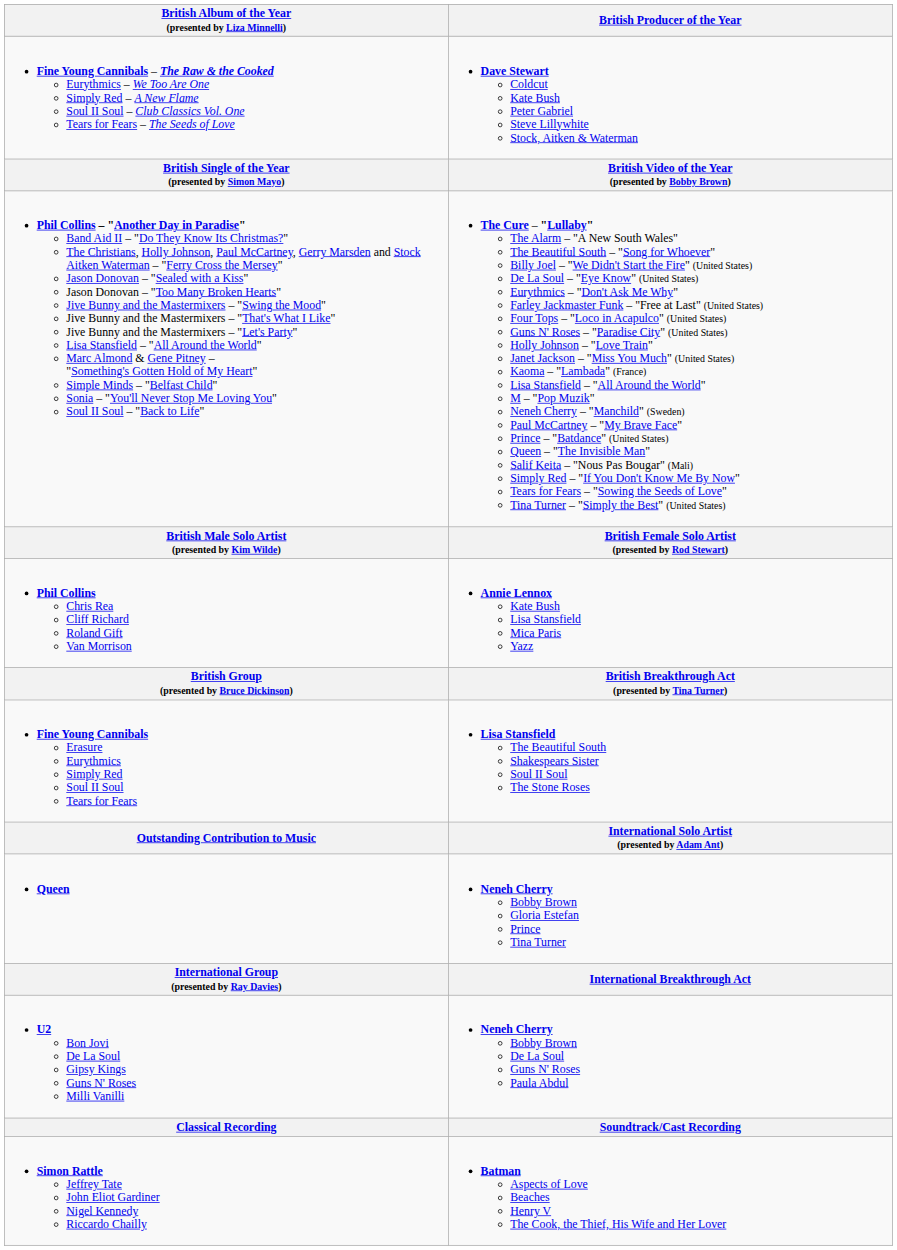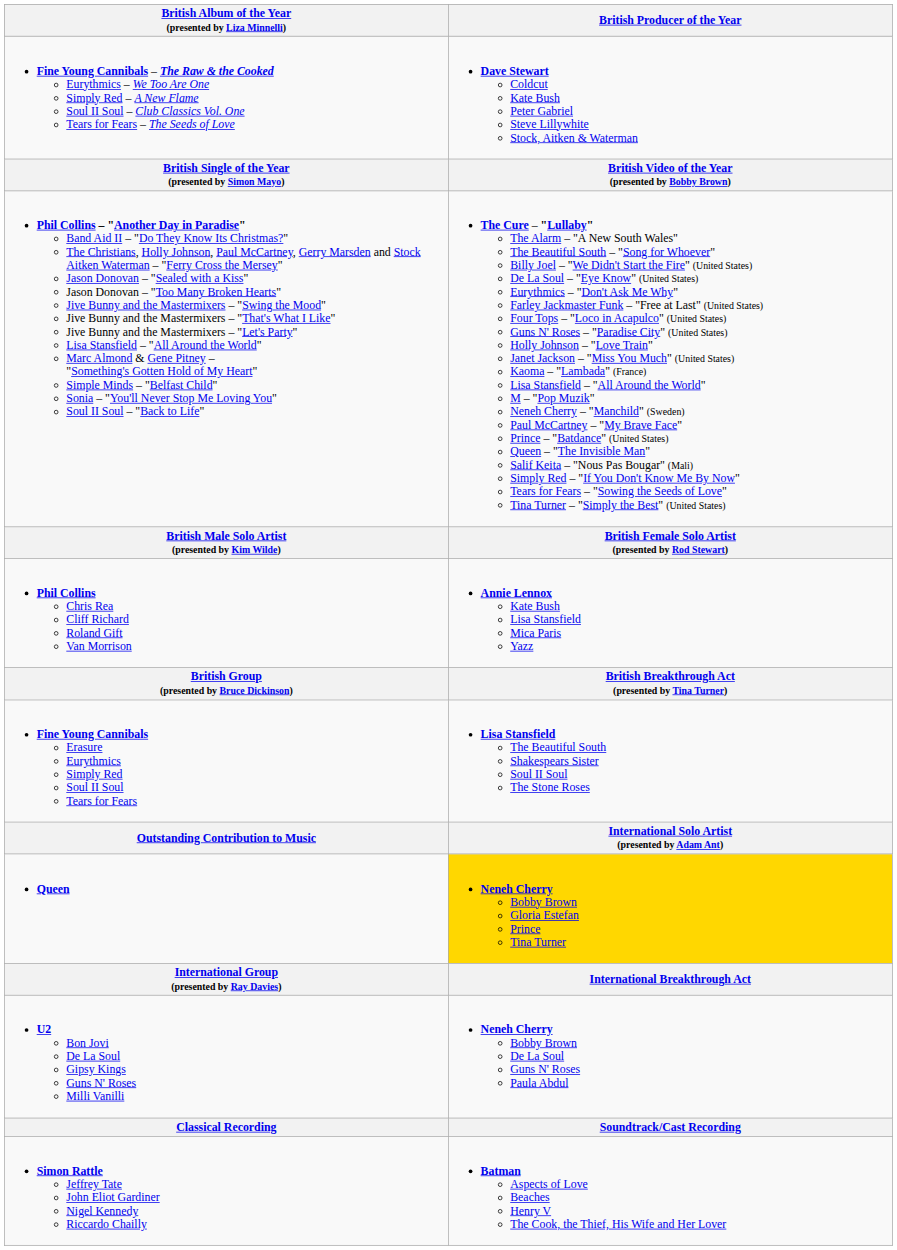 <table class="wikitable" style="width:95%">
 <tr bgcolor="#bebebe">
 <th width="50%"><a href='#'>British Album of the Year</a><br><small>(presented by <a href='#'>Liza Minnelli</a>)</small></th>
 <th width="50%"><a href='#'>British Producer of the Year</a></th>
 </tr>
 <tr>
 <td valign="top"><br><ul><li><strong><a href='#'>Fine Young Cannibals</a></strong> – <strong><em><a href='#'>The Raw & the Cooked</a></em></strong><ul><li><a href='#'>Eurythmics</a> – <em><a href='#'>We Too Are One</a></em></li><li><a href='#'>Simply Red</a> – <em><a href='#'>A New Flame</a></em></li><li><a href='#'>Soul II Soul</a> – <em><a href='#'>Club Classics Vol. One</a></em></li><li><a href='#'>Tears for Fears</a> – <em><a href='#'>The Seeds of Love</a></em></li></ul></li></ul></td>
 <td valign="top"><br><ul><li><strong><a href='#'>Dave Stewart</a></strong><ul><li><a href='#'>Coldcut</a></li><li><a href='#'>Kate Bush</a></li><li><a href='#'>Peter Gabriel</a></li><li><a href='#'>Steve Lillywhite</a></li><li><a href='#'>Stock, Aitken & Waterman</a></li></ul></li></ul></td>
 </tr>
 <tr>
 <th width="50%"><a href='#'>British Single of the Year</a><br><small>(presented by <a href='#'>Simon Mayo</a>)</small></th>
 <th width="50%"><a href='#'>British Video of the Year</a><br><small>(presented by <a href='#'>Bobby Brown</a>)</small></th>
 </tr>
 <tr>
 <td valign="top"><br><ul><li><strong><a href='#'>Phil Collins</a> – "<a href='#'>Another Day in Paradise</a>"</strong><ul><li><a href='#'>Band Aid II</a> – "<a href='#'>Do They Know Its Christmas?</a>"</li><li><a href='#'>The Christians</a>, <a href='#'>Holly Johnson</a>, <a href='#'>Paul McCartney</a>, <a href='#'>Gerry Marsden</a> and <a href='#'>Stock Aitken Waterman</a> – "<a href='#'>Ferry Cross the Mersey</a>"</li><li><a href='#'>Jason Donovan</a> – "<a href='#'>Sealed with a Kiss</a>"</li><li>Jason Donovan – "<a href='#'>Too Many Broken Hearts</a>"</li><li><a href='#'>Jive Bunny and the Mastermixers</a> – "<a href='#'>Swing the Mood</a>"</li><li>Jive Bunny and the Mastermixers – "<a href='#'>That's What I Like</a>"</li><li>Jive Bunny and the Mastermixers – "<a href='#'>Let's Party</a>"</li><li><a href='#'>Lisa Stansfield</a> – "<a href='#'>All Around the World</a>"</li><li><a href='#'>Marc Almond</a> & <a href='#'>Gene Pitney</a> –<br>"<a href='#'>Something's Gotten Hold of My Heart</a>"</li><li><a href='#'>Simple Minds</a> – "<a href='#'>Belfast Child</a>"</li><li><a href='#'>Sonia</a> – "<a href='#'>You'll Never Stop Me Loving You</a>"</li><li><a href='#'>Soul II Soul</a> – "<a href='#'>Back to Life</a>"</li></ul></li></ul></td>
 <td valign="top"><br><ul><li><strong><a href='#'>The Cure</a></strong> – <strong>"<a href='#'>Lullaby</a>"</strong><ul><li><a href='#'>The Alarm</a> – "A New South Wales"</li><li><a href='#'>The Beautiful South</a> – "<a href='#'>Song for Whoever</a>"</li><li><a href='#'>Billy Joel</a> – "<a href='#'>We Didn't Start the Fire</a>" <small>(United States)</small></li><li><a href='#'>De La Soul</a> – "<a href='#'>Eye Know</a>" <small>(United States)</small></li><li><a href='#'>Eurythmics</a> – "<a href='#'>Don't Ask Me Why</a>"</li><li><a href='#'>Farley Jackmaster Funk</a> – "Free at Last" <small>(United States)</small></li><li><a href='#'>Four Tops</a> – "<a href='#'>Loco in Acapulco</a>" <small>(United States)</small></li><li><a href='#'>Guns N' Roses</a> – "<a href='#'>Paradise City</a>" <small>(United States)</small></li><li><a href='#'>Holly Johnson</a> – "<a href='#'>Love Train</a>"</li><li><a href='#'>Janet Jackson</a> – "<a href='#'>Miss You Much</a>" <small>(United States)</small></li><li><a href='#'>Kaoma</a> – "<a href='#'>Lambada</a>" <small>(France)</small></li><li><a href='#'>Lisa Stansfield</a> – "<a href='#'>All Around the World</a>"</li><li><a href='#'>M</a> – "<a href='#'>Pop Muzik</a>"</li><li><a href='#'>Neneh Cherry</a> – "<a href='#'>Manchild</a>" <small>(Sweden)</small></li><li><a href='#'>Paul McCartney</a> – "<a href='#'>My Brave Face</a>"</li><li><a href='#'>Prince</a> – "<a href='#'>Batdance</a>" <small>(United States)</small></li><li><a href='#'>Queen</a> – "<a href='#'>The Invisible Man</a>"</li><li><a href='#'>Salif Keita</a> – "Nous Pas Bougar" <small>(Mali)</small></li><li><a href='#'>Simply Red</a> – "<a href='#'>If You Don't Know Me By Now</a>"</li><li><a href='#'>Tears for Fears</a> – "<a href='#'>Sowing the Seeds of Love</a>"</li><li><a href='#'>Tina Turner</a> – "<a href='#'>Simply the Best</a>" <small>(United States)</small></li></ul></li></ul></td>
 </tr>
 <tr>
 <th width="50%"><a href='#'>British Male Solo Artist</a><br><small>(presented by <a href='#'>Kim Wilde</a>)</small></th>
 <th width="50%"><a href='#'>British Female Solo Artist</a><br><small>(presented by <a href='#'>Rod Stewart</a>)</small></th>
 </tr>
 <tr>
 <td valign="top"><br><ul><li><strong><a href='#'>Phil Collins</a></strong><ul><li><a href='#'>Chris Rea</a></li><li><a href='#'>Cliff Richard</a></li><li><a href='#'>Roland Gift</a></li><li><a href='#'>Van Morrison</a></li></ul></li></ul></td>
 <td valign=top><br><ul><li><strong><a href='#'>Annie Lennox</a></strong><ul><li><a href='#'>Kate Bush</a></li><li><a href='#'>Lisa Stansfield</a></li><li><a href='#'>Mica Paris</a></li><li><a href='#'>Yazz</a></li></ul></li></ul></td>
 </tr>
 <tr>
 <th width="50%"><a href='#'>British Group</a><br><small>(presented by <a href='#'>Bruce Dickinson</a>)</small></th>
 <th width="50%"><a href='#'>British Breakthrough Act</a><br><small>(presented by <a href='#'>Tina Turner</a>)</small></th>
 </tr>
 <tr>
 <td valign=top><br><ul><li><strong><a href='#'>Fine Young Cannibals</a></strong><ul><li><a href='#'>Erasure</a></li><li><a href='#'>Eurythmics</a></li><li><a href='#'>Simply Red</a></li><li><a href='#'>Soul II Soul</a></li><li><a href='#'>Tears for Fears</a></li></ul></li></ul></td>
 <td valign=top><br><ul><li><strong><a href='#'>Lisa Stansfield</a></strong><ul><li><a href='#'>The Beautiful South</a></li><li><a href='#'>Shakespears Sister</a></li><li><a href='#'>Soul II Soul</a></li><li><a href='#'>The Stone Roses</a></li></ul></li></ul></td>
 </tr>
 <tr>
 <th width="50%"><a href='#'>Outstanding Contribution to Music</a></th>
 <th width="50%"><a href='#'>International Solo Artist</a><br><small>(presented by <a href='#'>Adam Ant</a>)</small></th>
 </tr>
 <tr>
 <td valign=top><br><ul><li><strong><a href='#'>Queen</a></strong></li></ul></td>
-<td valign=top><br><ul><li><strong><a href='#'>Neneh Cherry</a></strong><ul><li><a href='#'>Bobby Brown</a></li><li><a href='#'>Gloria Estefan</a></li><li><a href='#'>Prince</a></li><li><a href='#'>Tina Turner</a></li></ul></li></ul></td>
+<td valign=top style="background: gold;"><br><ul><li><strong><a href='#'>Neneh Cherry</a></strong><ul><li><a href='#'>Bobby Brown</a></li><li><a href='#'>Gloria Estefan</a></li><li><a href='#'>Prince</a></li><li><a href='#'>Tina Turner</a></li></ul></li></ul></td>
 </tr>
 <tr>
 <th width="50%"><a href='#'>International Group</a><br><small>(presented by <a href='#'>Ray Davies</a>)</small></th>
 <th width="50%"><a href='#'>International Breakthrough Act</a></th>
 </tr>
 <tr>
 <td valign=top><br><ul><li><strong><a href='#'>U2</a></strong><ul><li><a href='#'>Bon Jovi</a></li><li><a href='#'>De La Soul</a></li><li><a href='#'>Gipsy Kings</a></li><li><a href='#'>Guns N' Roses</a></li><li><a href='#'>Milli Vanilli</a></li></ul></li></ul></td>
 <td valign="top"><br><ul><li><strong><a href='#'>Neneh Cherry</a></strong><ul><li><a href='#'>Bobby Brown</a></li><li><a href='#'>De La Soul</a></li><li><a href='#'>Guns N' Roses</a></li><li><a href='#'>Paula Abdul</a></li></ul></li></ul></td>
 </tr>
 <tr>
 <th width="50%"><a href='#'>Classical Recording</a></th>
 <th width="50%"><a href='#'>Soundtrack/Cast Recording</a></th>
 </tr>
 <tr>
 <td valign=top><br><ul><li><strong><a href='#'>Simon Rattle</a></strong><ul><li><a href='#'>Jeffrey Tate</a></li><li><a href='#'>John Eliot Gardiner</a></li><li><a href='#'>Nigel Kennedy</a></li><li><a href='#'>Riccardo Chailly</a></li></ul></li></ul></td>
 <td valign=top><br><ul><li><strong><a href='#'>Batman</a></strong><ul><li><a href='#'>Aspects of Love</a></li><li><a href='#'>Beaches</a></li><li><a href='#'>Henry V</a></li><li><a href='#'>The Cook, the Thief, His Wife and Her Lover</a></li></ul></li></ul></td>
 </tr>
 </table>
